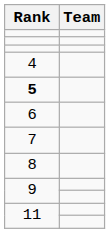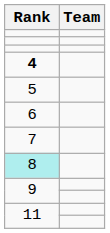 <table class="wikitable" style="text-align: center;">
 <tr>
 <th width=40>Rank</th>
 <th>Team</th>
 </tr>
 <tr>
 <td></td>
 <td align=left></td>
 </tr>
 <tr>
 <td></td>
 <td align=left></td>
 </tr>
 <tr>
 <td></td>
 <td align=left></td>
 </tr>
 <tr>
-<td>4</td>
+<td><strong>4</strong></td>
 <td align=left></td>
 </tr>
 <tr>
-<td><strong>5</strong></td>
+<td>5</td>
 <td align=left></td>
 </tr>
 <tr>
 <td>6</td>
 <td align=left></td>
 </tr>
 <tr>
 <td>7</td>
 <td align=left></td>
 </tr>
 <tr>
-<td>8</td>
+<td style="background: paleturquoise;">8</td>
 <td align=left></td>
 </tr>
 <tr>
 <td rowspan=2>9</td>
 <td align=left></td>
 </tr>
 <tr>
 <td align=left></td>
 </tr>
 <tr>
 <td rowspan=2>11</td>
 <td align=left></td>
 </tr>
 <tr>
 <td align=left></td>
 </tr>
 </table>
